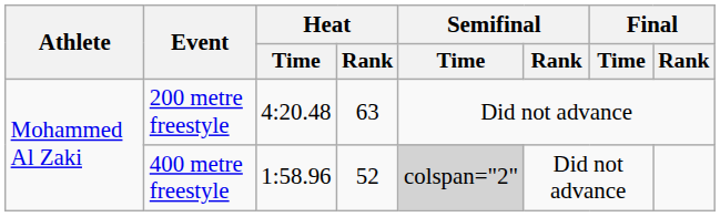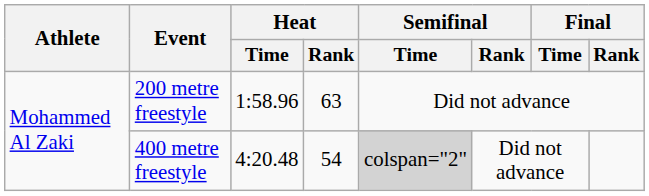 <table class="wikitable" style="text-align:center; font-size:90%; width:50%;">
 <tr>
 <th rowspan="2">Athlete</th>
 <th rowspan="2">Event</th>
 <th colspan="2">Heat</th>
 <th colspan="2">Semifinal</th>
 <th colspan="2">Final</th>
 </tr>
 <tr style="font-size:95%">
 <th>Time</th>
 <th>Rank</th>
 <th>Time</th>
 <th>Rank</th>
 <th>Time</th>
 <th>Rank</th>
 </tr>
 <tr>
 <td align=left rowspan=2><a href='#'>Mohammed Al Zaki</a></td>
 <td align=left><a href='#'>200 metre freestyle</a></td>
-<td>4:20.48</td>
+<td>1:58.96</td>
 <td>63</td>
 <td colspan=4>Did not advance</td>
 </tr>
 <tr>
 <td align=left><a href='#'>400 metre freestyle</a></td>
-<td>1:58.96</td>
-<td>52</td>
+<td>4:20.48</td>
+<td>54</td>
 <td style="background: lightgrey;">colspan="2" </td>
 <td colspan="2">Did not advance</td>
 </tr>
 </table>
